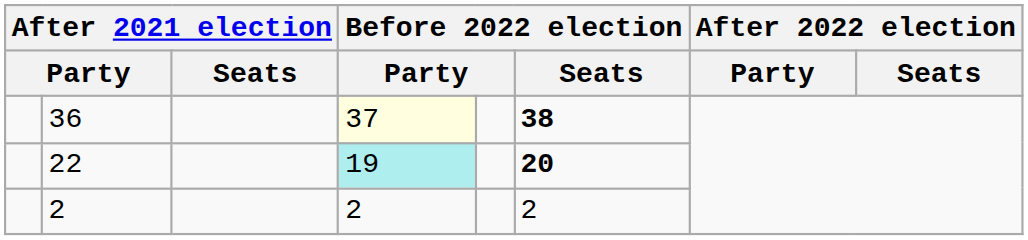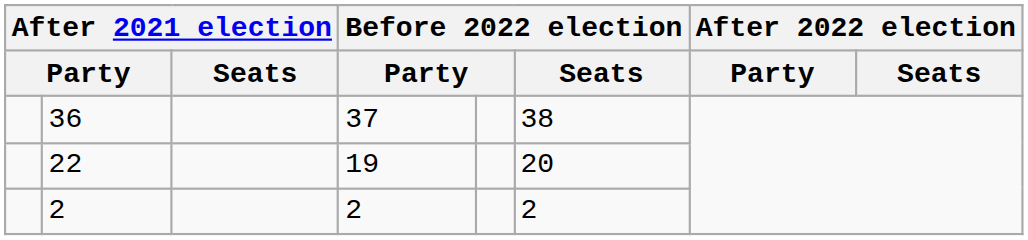 <table class="wikitable">
 <tr>
 <th colspan="3">After <a href='#'>2021 election</a></th>
 <th colspan="3">Before 2022 election</th>
 <th colspan="3">After 2022 election</th>
 </tr>
 <tr>
 <th colspan="2">Party</th>
 <th>Seats</th>
 <th colspan="2">Party</th>
 <th>Seats</th>
 <th colspan="2">Party</th>
 <th>Seats</th>
 </tr>
 <tr>
 <td></td>
 <td>36</td>
 <td></td>
-<td style="background: lightyellow;">37</td>
+<td>37</td>
 <td></td>
-<td><strong>38</strong></td>
+<td>38</td>
 </tr>
 <tr>
 <td></td>
 <td>22</td>
 <td></td>
-<td style="background: paleturquoise;">19</td>
+<td>19</td>
 <td></td>
-<td><strong>20</strong></td>
+<td>20</td>
 </tr>
 <tr>
 <td></td>
 <td>2</td>
 <td></td>
 <td>2</td>
 <td></td>
 <td>2</td>
 </tr>
 </table>
